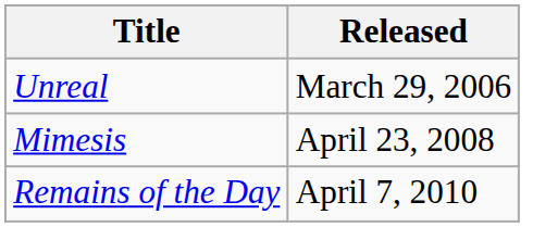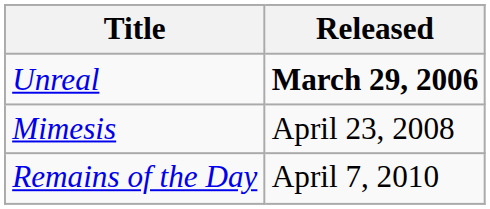 <table class="wikitable">
 <tr>
 <th>Title</th>
 <th>Released</th>
 </tr>
 <tr>
 <td><em><a href='#'>Unreal</a></em></td>
-<td>March 29, 2006</td>
+<td><strong>March 29, 2006</strong></td>
 </tr>
 <tr>
 <td><em><a href='#'>Mimesis</a></em></td>
 <td>April 23, 2008</td>
 </tr>
 <tr>
 <td><em><a href='#'>Remains of the Day</a></em></td>
 <td>April 7, 2010</td>
 </tr>
 </table>
